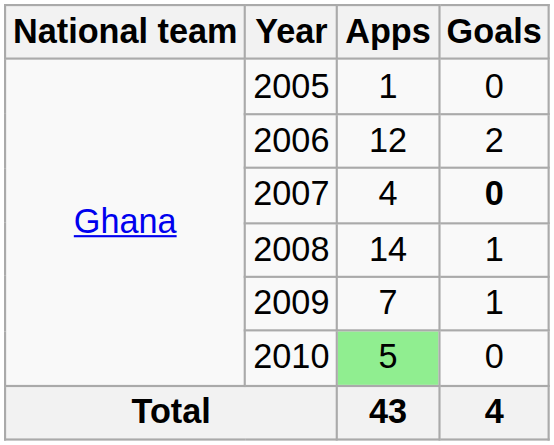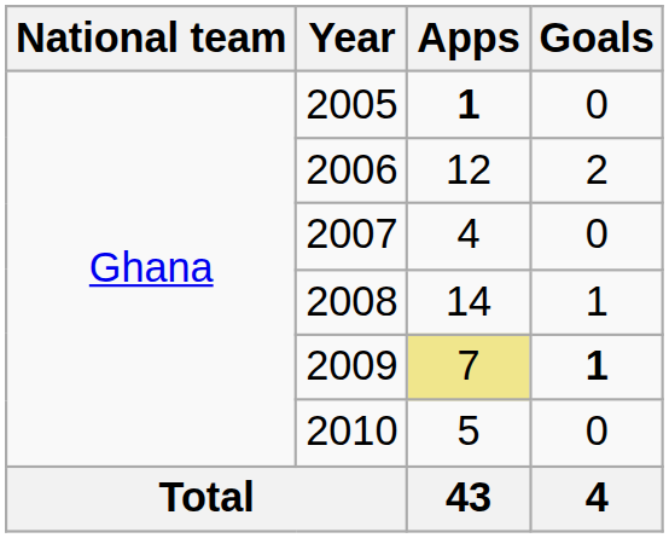 <table class="wikitable" style="text-align:center">
 <tr>
 <th>National team</th>
 <th>Year</th>
 <th>Apps</th>
 <th>Goals</th>
 </tr>
 <tr>
 <td rowspan="6"><a href='#'>Ghana</a></td>
 <td>2005</td>
-<td>1</td>
+<td><strong>1</strong></td>
 <td>0</td>
 </tr>
 <tr>
 <td>2006</td>
 <td>12</td>
 <td>2</td>
 </tr>
 <tr>
 <td>2007</td>
 <td>4</td>
-<td><strong>0</strong></td>
+<td>0</td>
 </tr>
 <tr>
 <td>2008</td>
 <td>14</td>
 <td>1</td>
 </tr>
 <tr>
 <td>2009</td>
-<td>7</td>
-<td>1</td>
+<td style="background: khaki;">7</td>
+<td><strong>1</strong></td>
 </tr>
 <tr>
 <td>2010</td>
-<td style="background: lightgreen;">5</td>
+<td>5</td>
 <td>0</td>
 </tr>
 <tr>
 <th colspan="2">Total</th>
 <th>43</th>
 <th>4</th>
 </tr>
 </table>
